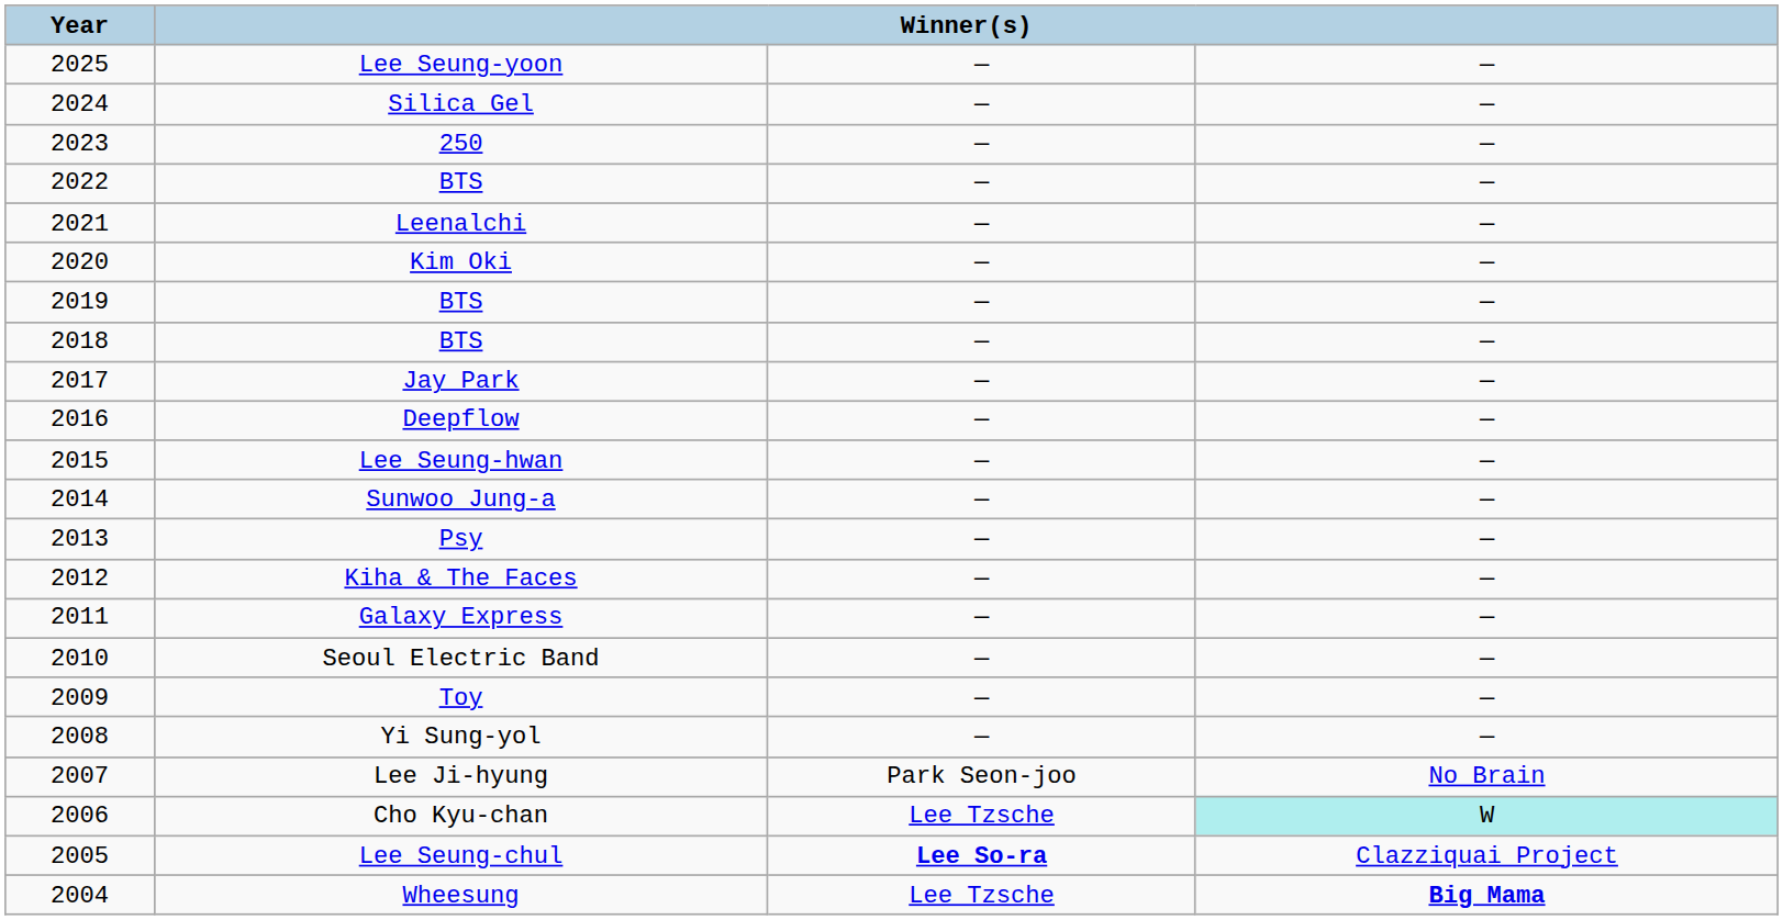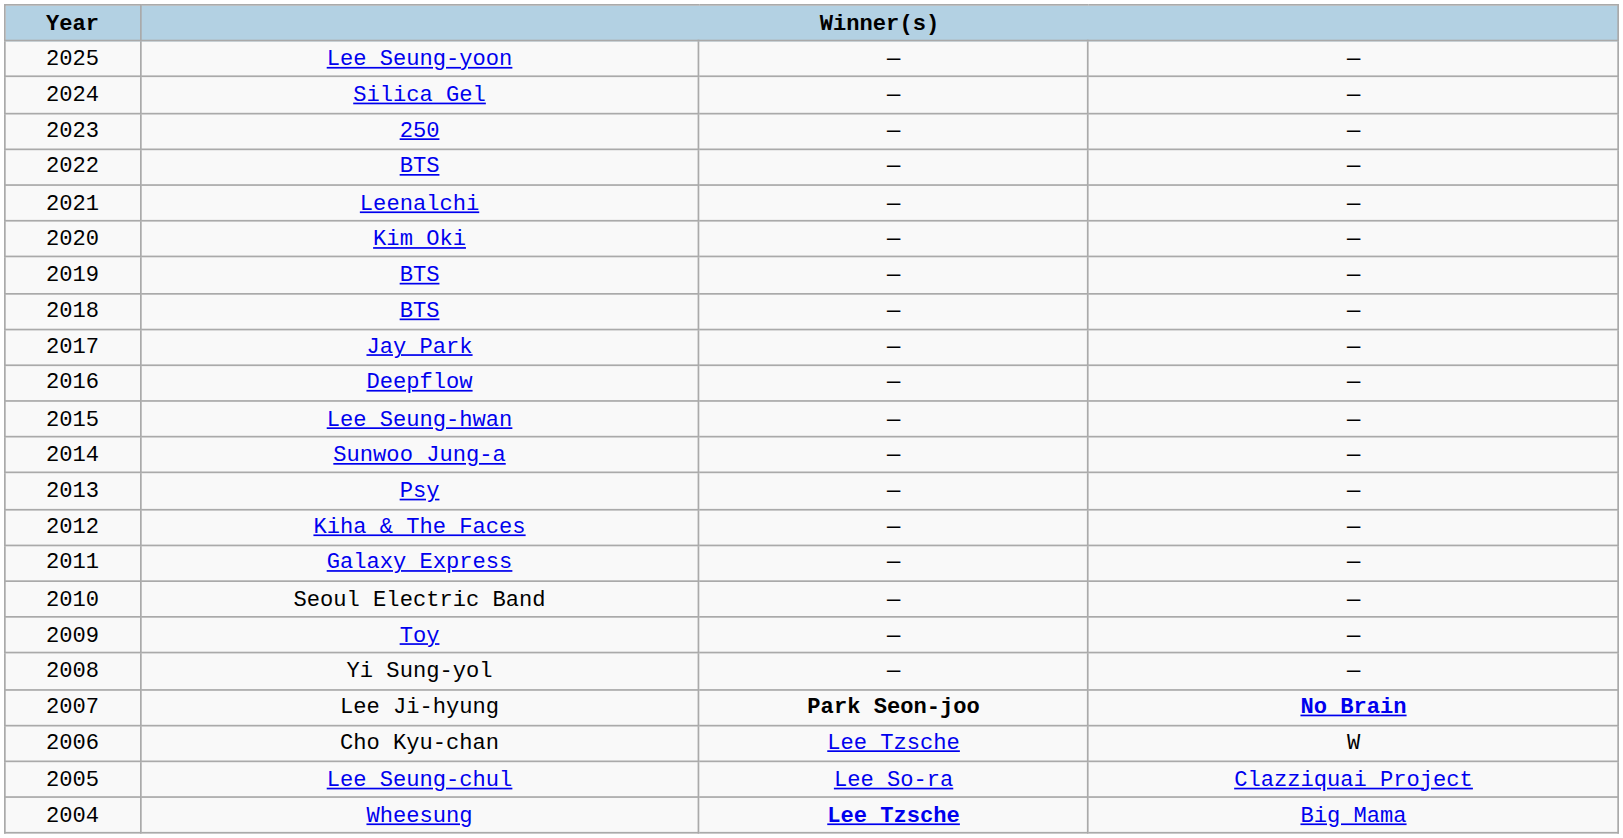 <table class="wikitable" style="text-align: center; width: 60%;">
 <tr>
 <th style="background:#b3d1e3;">Year</th>
 <th colspan="3" style="background:#b3d1e3;">Winner(s)</th>
 </tr>
 <tr>
 <td>2025</td>
 <td><a href='#'>Lee Seung-yoon</a></td>
 <td>—</td>
 <td>—</td>
 </tr>
 <tr>
 <td>2024</td>
 <td><a href='#'>Silica Gel</a></td>
 <td>—</td>
 <td>—</td>
 </tr>
 <tr>
 <td>2023</td>
 <td><a href='#'>250</a></td>
 <td>—</td>
 <td>—</td>
 </tr>
 <tr>
 <td>2022</td>
 <td><a href='#'>BTS</a></td>
 <td>—</td>
 <td>—</td>
 </tr>
 <tr>
 <td>2021</td>
 <td><a href='#'>Leenalchi</a></td>
 <td>—</td>
 <td>—</td>
 </tr>
 <tr>
 <td>2020</td>
 <td><a href='#'>Kim Oki</a></td>
 <td>—</td>
 <td>—</td>
 </tr>
 <tr>
 <td>2019</td>
 <td><a href='#'>BTS</a></td>
 <td>—</td>
 <td>—</td>
 </tr>
 <tr>
 <td>2018</td>
 <td><a href='#'>BTS</a></td>
 <td>—</td>
 <td>—</td>
 </tr>
 <tr>
 <td>2017</td>
 <td><a href='#'>Jay Park</a></td>
 <td align=center>—</td>
 <td align=center>—</td>
 </tr>
 <tr>
 <td>2016</td>
 <td><a href='#'>Deepflow</a></td>
 <td align=center>—</td>
 <td align=center>—</td>
 </tr>
 <tr>
 <td>2015</td>
 <td><a href='#'>Lee Seung-hwan</a></td>
 <td align=center>—</td>
 <td align=center>—</td>
 </tr>
 <tr>
 <td>2014</td>
 <td><a href='#'>Sunwoo Jung-a</a></td>
 <td align=center>—</td>
 <td align=center>—</td>
 </tr>
 <tr>
 <td>2013</td>
 <td><a href='#'>Psy</a></td>
 <td align=center>—</td>
 <td align=center>—</td>
 </tr>
 <tr>
 <td>2012</td>
 <td align=center><a href='#'>Kiha & The Faces</a></td>
 <td align=center>—</td>
 <td align=center>—</td>
 </tr>
 <tr>
 <td>2011</td>
 <td align=center><a href='#'>Galaxy Express</a></td>
 <td align=center>—</td>
 <td align=center>—</td>
 </tr>
 <tr>
 <td>2010</td>
 <td align=center>Seoul Electric Band</td>
 <td align=center>—</td>
 <td align=center>—</td>
 </tr>
 <tr>
 <td>2009</td>
 <td align=center><a href='#'>Toy</a></td>
 <td align=center>—</td>
 <td align=center>—</td>
 </tr>
 <tr>
 <td>2008</td>
 <td align=center>Yi Sung-yol</td>
 <td align=center>—</td>
 <td align=center>—</td>
 </tr>
 <tr>
 <td>2007</td>
 <td align=center>Lee Ji-hyung</td>
-<td align=center>Park Seon-joo</td>
-<td align=center><a href='#'>No Brain</a></td>
+<td align=center><strong>Park Seon-joo</strong></td>
+<td align=center><strong><a href='#'>No Brain</a></strong></td>
 </tr>
 <tr>
 <td>2006</td>
 <td align=center>Cho Kyu-chan</td>
 <td align=center><a href='#'>Lee Tzsche</a></td>
-<td align=center style="background: paleturquoise;">W</td>
+<td align=center>W</td>
 </tr>
 <tr>
 <td>2005</td>
 <td align=center><a href='#'>Lee Seung-chul</a></td>
-<td align=center><strong><a href='#'>Lee So-ra</a></strong></td>
+<td align=center><a href='#'>Lee So-ra</a></td>
 <td align=center><a href='#'>Clazziquai Project</a></td>
 </tr>
 <tr>
 <td>2004</td>
 <td align=center><a href='#'>Wheesung</a></td>
-<td align=center><a href='#'>Lee Tzsche</a></td>
-<td align=center><strong><a href='#'>Big Mama</a></strong></td>
+<td align=center><strong><a href='#'>Lee Tzsche</a></strong></td>
+<td align=center><a href='#'>Big Mama</a></td>
 </tr>
 </table>
